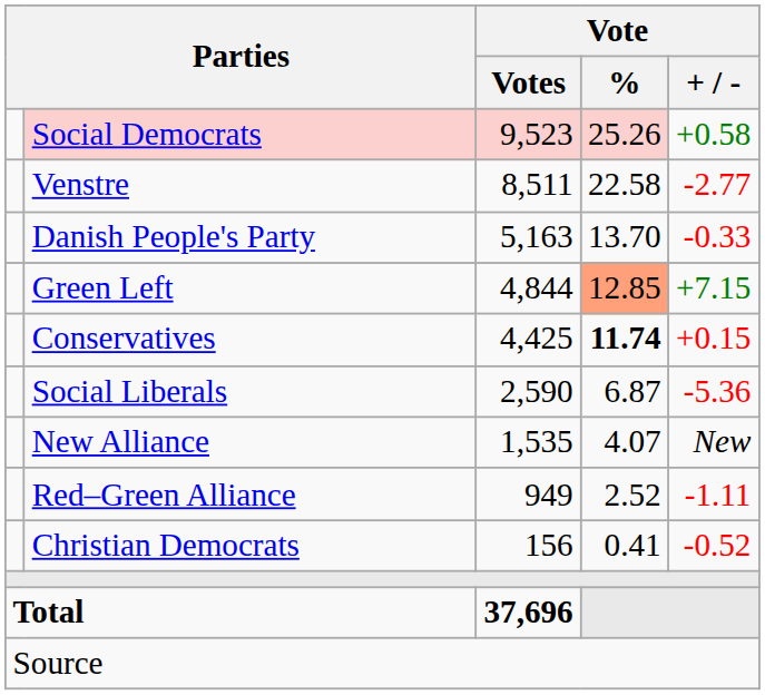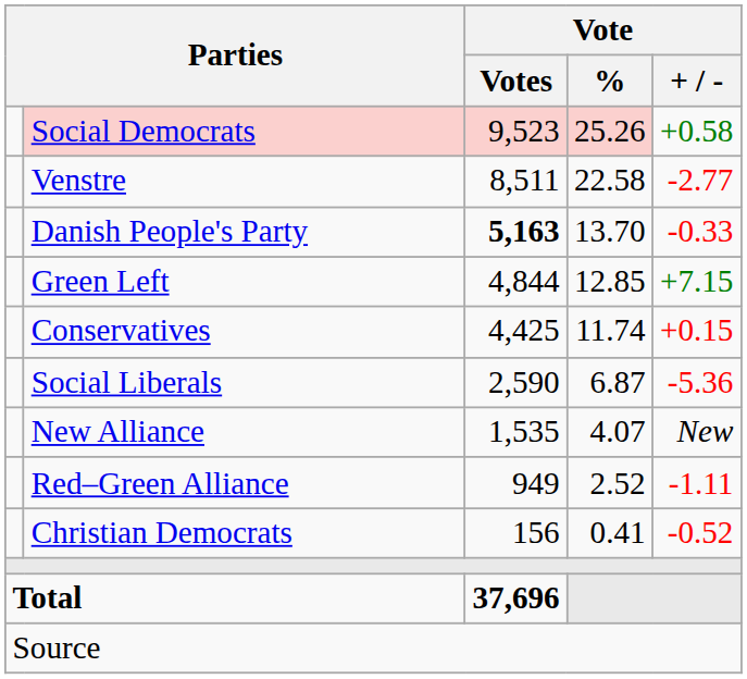 <table class="wikitable" style="text-align:right;">
 <tr>
 <th style="text-align:centre;" rowspan="2" colspan="2" width="225">Parties</th>
 <th colspan="3">Vote</th>
 </tr>
 <tr>
 <th width="15">Votes</th>
 <th width="15">%</th>
 <th width="15">+ / -</th>
 </tr>
 <tr>
 <td width="2" style="color:inherit;background:"></td>
 <td bgcolor=#fbd0ce  align="left"><a href='#'>Social Democrats</a></td>
 <td bgcolor=#fbd0ce>9,523</td>
 <td bgcolor=#fbd0ce>25.26</td>
 <td style=color:green;>+0.58</td>
 </tr>
 <tr>
 <td width="2" style="color:inherit;background:"></td>
 <td align="left"><a href='#'>Venstre</a></td>
 <td>8,511</td>
 <td>22.58</td>
 <td style=color:red;>-2.77</td>
 </tr>
 <tr>
 <td width="2" style="color:inherit;background:"></td>
 <td align="left"><a href='#'>Danish People's Party</a></td>
-<td>5,163</td>
+<td><strong>5,163</strong></td>
 <td>13.70</td>
 <td style=color:red;>-0.33</td>
 </tr>
 <tr>
 <td width="2" style="color:inherit;background:"></td>
 <td align="left"><a href='#'>Green Left</a></td>
 <td>4,844</td>
-<td style="background: lightsalmon;">12.85</td>
+<td>12.85</td>
 <td style=color:green;>+7.15</td>
 </tr>
 <tr>
 <td width="2" style="color:inherit;background:"></td>
 <td align="left"><a href='#'>Conservatives</a></td>
 <td>4,425</td>
-<td><strong>11.74</strong></td>
+<td>11.74</td>
 <td style=color:red;>+0.15</td>
 </tr>
 <tr>
 <td width="2" style="color:inherit;background:"></td>
 <td align="left"><a href='#'>Social Liberals</a></td>
 <td>2,590</td>
 <td>6.87</td>
 <td style=color:red;>-5.36</td>
 </tr>
 <tr>
 <td width="2" style="color:inherit;background:"></td>
 <td align="left"><a href='#'>New Alliance</a></td>
 <td>1,535</td>
 <td>4.07</td>
 <td><em>New</em></td>
 </tr>
 <tr>
 <td width="2" style="color:inherit;background:"></td>
 <td align="left"><a href='#'>Red–Green Alliance</a></td>
 <td>949</td>
 <td>2.52</td>
 <td style=color:red;>-1.11</td>
 </tr>
 <tr>
 <td width="2" style="color:inherit;background:"></td>
 <td align="left"><a href='#'>Christian Democrats</a></td>
 <td>156</td>
 <td>0.41</td>
 <td style=color:red;>-0.52</td>
 </tr>
 <tr>
 <td colspan="7" bgcolor="#E9E9E9"></td>
 </tr>
 <tr>
 <td align="left" colspan="2"><strong>Total</strong></td>
 <td><strong>37,696</strong></td>
 <td bgcolor="#E9E9E9" colspan="2"></td>
 </tr>
 <tr>
 <td align="left" colspan="6">Source</td>
 </tr>
 </table>
